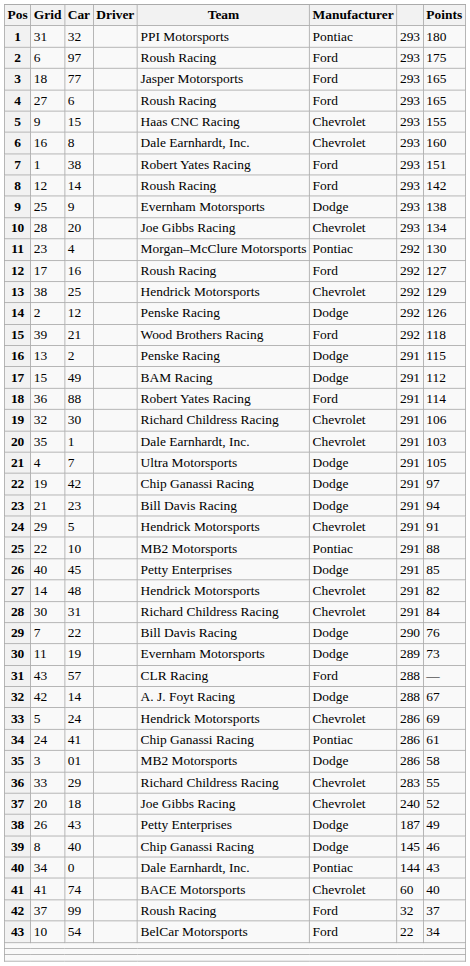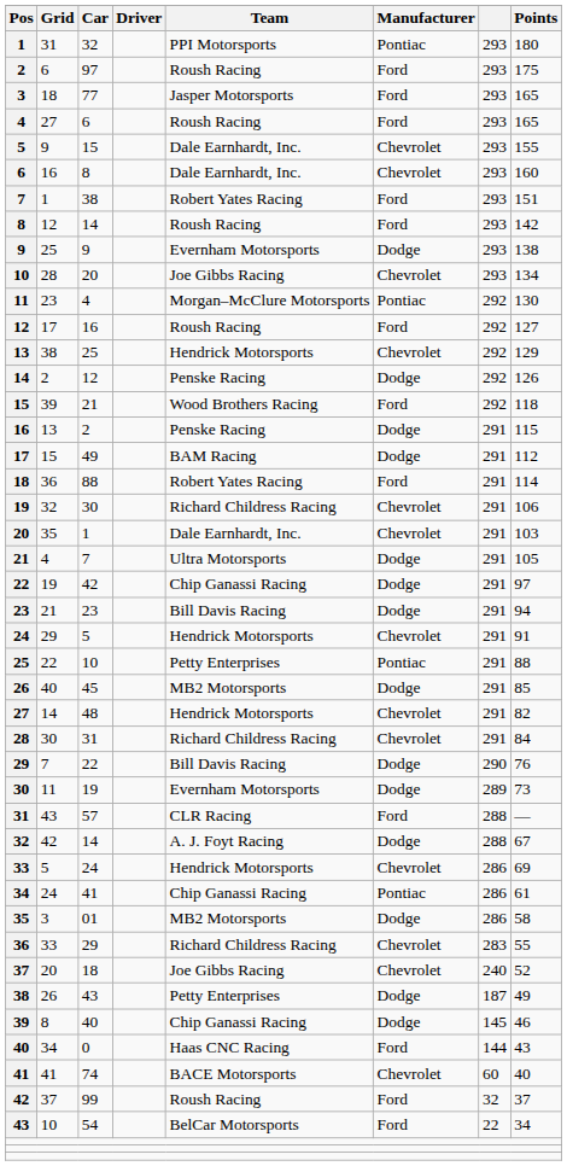 <table class="sortable wikitable" border="1">
 <tr>
 </tr>
 <tr>
 <th scope="col">Pos</th>
 <th scope="col">Grid</th>
 <th scope="col">Car</th>
 <th scope="col">Driver</th>
 <th scope="col">Team</th>
 <th scope="col">Manufacturer</th>
 <th scope="col"></th>
 <th scope="col">Points</th>
 </tr>
 <tr>
 <th scope="row">1</th>
 <td>31</td>
 <td>32</td>
 <td></td>
 <td>PPI Motorsports</td>
 <td>Pontiac</td>
 <td>293</td>
 <td>180</td>
 </tr>
 <tr>
 <th scope="row">2</th>
 <td>6</td>
 <td>97</td>
 <td></td>
 <td>Roush Racing</td>
 <td>Ford</td>
 <td>293</td>
 <td>175</td>
 </tr>
 <tr>
 <th scope="row">3</th>
 <td>18</td>
 <td>77</td>
 <td></td>
 <td>Jasper Motorsports</td>
 <td>Ford</td>
 <td>293</td>
 <td>165</td>
 </tr>
 <tr>
 <th scope="row">4</th>
 <td>27</td>
 <td>6</td>
 <td></td>
 <td>Roush Racing</td>
 <td>Ford</td>
 <td>293</td>
 <td>165</td>
 </tr>
 <tr>
 <th scope="row">5</th>
 <td>9</td>
 <td>15</td>
 <td></td>
-<td>Haas CNC Racing</td>
+<td>Dale Earnhardt, Inc.</td>
 <td>Chevrolet</td>
 <td>293</td>
 <td>155</td>
 </tr>
 <tr>
 <th scope="row">6</th>
 <td>16</td>
 <td>8</td>
 <td></td>
 <td>Dale Earnhardt, Inc.</td>
 <td>Chevrolet</td>
 <td>293</td>
 <td>160</td>
 </tr>
 <tr>
 <th scope="row">7</th>
 <td>1</td>
 <td>38</td>
 <td></td>
 <td>Robert Yates Racing</td>
 <td>Ford</td>
 <td>293</td>
 <td>151</td>
 </tr>
 <tr>
 <th scope="row">8</th>
 <td>12</td>
 <td>14</td>
 <td></td>
 <td>Roush Racing</td>
 <td>Ford</td>
 <td>293</td>
 <td>142</td>
 </tr>
 <tr>
 <th scope="row">9</th>
 <td>25</td>
 <td>9</td>
 <td></td>
 <td>Evernham Motorsports</td>
 <td>Dodge</td>
 <td>293</td>
 <td>138</td>
 </tr>
 <tr>
 <th scope="row">10</th>
 <td>28</td>
 <td>20</td>
 <td></td>
 <td>Joe Gibbs Racing</td>
 <td>Chevrolet</td>
 <td>293</td>
 <td>134</td>
 </tr>
 <tr>
 <th scope="row">11</th>
 <td>23</td>
 <td>4</td>
 <td></td>
 <td>Morgan–McClure Motorsports</td>
 <td>Pontiac</td>
 <td>292</td>
 <td>130</td>
 </tr>
 <tr>
 <th scope="row">12</th>
 <td>17</td>
 <td>16</td>
 <td></td>
 <td>Roush Racing</td>
 <td>Ford</td>
 <td>292</td>
 <td>127</td>
 </tr>
 <tr>
 <th scope="row">13</th>
 <td>38</td>
 <td>25</td>
 <td></td>
 <td>Hendrick Motorsports</td>
 <td>Chevrolet</td>
 <td>292</td>
 <td>129</td>
 </tr>
 <tr>
 <th scope="row">14</th>
 <td>2</td>
 <td>12</td>
 <td></td>
 <td>Penske Racing</td>
 <td>Dodge</td>
 <td>292</td>
 <td>126</td>
 </tr>
 <tr>
 <th scope="row">15</th>
 <td>39</td>
 <td>21</td>
 <td></td>
 <td>Wood Brothers Racing</td>
 <td>Ford</td>
 <td>292</td>
 <td>118</td>
 </tr>
 <tr>
 <th scope="row">16</th>
 <td>13</td>
 <td>2</td>
 <td></td>
 <td>Penske Racing</td>
 <td>Dodge</td>
 <td>291</td>
 <td>115</td>
 </tr>
 <tr>
 <th scope="row">17</th>
 <td>15</td>
 <td>49</td>
 <td></td>
 <td>BAM Racing</td>
 <td>Dodge</td>
 <td>291</td>
 <td>112</td>
 </tr>
 <tr>
 <th scope="row">18</th>
 <td>36</td>
 <td>88</td>
 <td></td>
 <td>Robert Yates Racing</td>
 <td>Ford</td>
 <td>291</td>
 <td>114</td>
 </tr>
 <tr>
 <th scope="row">19</th>
 <td>32</td>
 <td>30</td>
 <td></td>
 <td>Richard Childress Racing</td>
 <td>Chevrolet</td>
 <td>291</td>
 <td>106</td>
 </tr>
 <tr>
 <th scope="row">20</th>
 <td>35</td>
 <td>1</td>
 <td></td>
 <td>Dale Earnhardt, Inc.</td>
 <td>Chevrolet</td>
 <td>291</td>
 <td>103</td>
 </tr>
 <tr>
 <th scope="row">21</th>
 <td>4</td>
 <td>7</td>
 <td></td>
 <td>Ultra Motorsports</td>
 <td>Dodge</td>
 <td>291</td>
 <td>105</td>
 </tr>
 <tr>
 <th scope="row">22</th>
 <td>19</td>
 <td>42</td>
 <td></td>
 <td>Chip Ganassi Racing</td>
 <td>Dodge</td>
 <td>291</td>
 <td>97</td>
 </tr>
 <tr>
 <th scope="row">23</th>
 <td>21</td>
 <td>23</td>
 <td></td>
 <td>Bill Davis Racing</td>
 <td>Dodge</td>
 <td>291</td>
 <td>94</td>
 </tr>
 <tr>
 <th scope="row">24</th>
 <td>29</td>
 <td>5</td>
 <td></td>
 <td>Hendrick Motorsports</td>
 <td>Chevrolet</td>
 <td>291</td>
 <td>91</td>
 </tr>
 <tr>
 <th scope="row">25</th>
 <td>22</td>
 <td>10</td>
 <td></td>
-<td>MB2 Motorsports</td>
+<td>Petty Enterprises</td>
 <td>Pontiac</td>
 <td>291</td>
 <td>88</td>
 </tr>
 <tr>
 <th scope="row">26</th>
 <td>40</td>
 <td>45</td>
 <td></td>
-<td>Petty Enterprises</td>
+<td>MB2 Motorsports</td>
 <td>Dodge</td>
 <td>291</td>
 <td>85</td>
 </tr>
 <tr>
 <th scope="row">27</th>
 <td>14</td>
 <td>48</td>
 <td></td>
 <td>Hendrick Motorsports</td>
 <td>Chevrolet</td>
 <td>291</td>
 <td>82</td>
 </tr>
 <tr>
 <th scope="row">28</th>
 <td>30</td>
 <td>31</td>
 <td></td>
 <td>Richard Childress Racing</td>
 <td>Chevrolet</td>
 <td>291</td>
 <td>84</td>
 </tr>
 <tr>
 <th scope="row">29</th>
 <td>7</td>
 <td>22</td>
 <td></td>
 <td>Bill Davis Racing</td>
 <td>Dodge</td>
 <td>290</td>
 <td>76</td>
 </tr>
 <tr>
 <th scope="row">30</th>
 <td>11</td>
 <td>19</td>
 <td></td>
 <td>Evernham Motorsports</td>
 <td>Dodge</td>
 <td>289</td>
 <td>73</td>
 </tr>
 <tr>
 <th scope="row">31</th>
 <td>43</td>
 <td>57</td>
 <td></td>
 <td>CLR Racing</td>
 <td>Ford</td>
 <td>288</td>
 <td>—</td>
 </tr>
 <tr>
 <th scope="row">32</th>
 <td>42</td>
 <td>14</td>
 <td></td>
 <td>A. J. Foyt Racing</td>
 <td>Dodge</td>
 <td>288</td>
 <td>67</td>
 </tr>
 <tr>
 <th scope="row">33</th>
 <td>5</td>
 <td>24</td>
 <td></td>
 <td>Hendrick Motorsports</td>
 <td>Chevrolet</td>
 <td>286</td>
 <td>69</td>
 </tr>
 <tr>
 <th scope="row">34</th>
 <td>24</td>
 <td>41</td>
 <td></td>
 <td>Chip Ganassi Racing</td>
 <td>Pontiac</td>
 <td>286</td>
 <td>61</td>
 </tr>
 <tr>
 <th scope="row">35</th>
 <td>3</td>
 <td>01</td>
 <td></td>
 <td>MB2 Motorsports</td>
 <td>Dodge</td>
 <td>286</td>
 <td>58</td>
 </tr>
 <tr>
 <th scope="row">36</th>
 <td>33</td>
 <td>29</td>
 <td></td>
 <td>Richard Childress Racing</td>
 <td>Chevrolet</td>
 <td>283</td>
 <td>55</td>
 </tr>
 <tr>
 <th scope="row">37</th>
 <td>20</td>
 <td>18</td>
 <td></td>
 <td>Joe Gibbs Racing</td>
 <td>Chevrolet</td>
 <td>240</td>
 <td>52</td>
 </tr>
 <tr>
 <th scope="row">38</th>
 <td>26</td>
 <td>43</td>
 <td></td>
 <td>Petty Enterprises</td>
 <td>Dodge</td>
 <td>187</td>
 <td>49</td>
 </tr>
 <tr>
 <th scope="row">39</th>
 <td>8</td>
 <td>40</td>
 <td></td>
 <td>Chip Ganassi Racing</td>
 <td>Dodge</td>
 <td>145</td>
 <td>46</td>
 </tr>
 <tr>
 <th scope="row">40</th>
 <td>34</td>
 <td>0</td>
 <td></td>
-<td>Dale Earnhardt, Inc.</td>
-<td>Pontiac</td>
+<td>Haas CNC Racing</td>
+<td>Ford</td>
 <td>144</td>
 <td>43</td>
 </tr>
 <tr>
 <th scope="row">41</th>
 <td>41</td>
 <td>74</td>
 <td></td>
 <td>BACE Motorsports</td>
 <td>Chevrolet</td>
 <td>60</td>
 <td>40</td>
 </tr>
 <tr>
 <th scope="row">42</th>
 <td>37</td>
 <td>99</td>
 <td></td>
 <td>Roush Racing</td>
 <td>Ford</td>
 <td>32</td>
 <td>37</td>
 </tr>
 <tr>
 <th scope="row">43</th>
 <td>10</td>
 <td>54</td>
 <td></td>
 <td>BelCar Motorsports</td>
 <td>Ford</td>
 <td>22</td>
 <td>34</td>
 </tr>
 <tr class="sortbottom">
 <td colspan="9"></td>
 </tr>
 <tr class="sortbottom">
 <td colspan="9"></td>
 </tr>
 <tr class="sortbottom">
 <td colspan="9"></td>
 </tr>
 </table>
